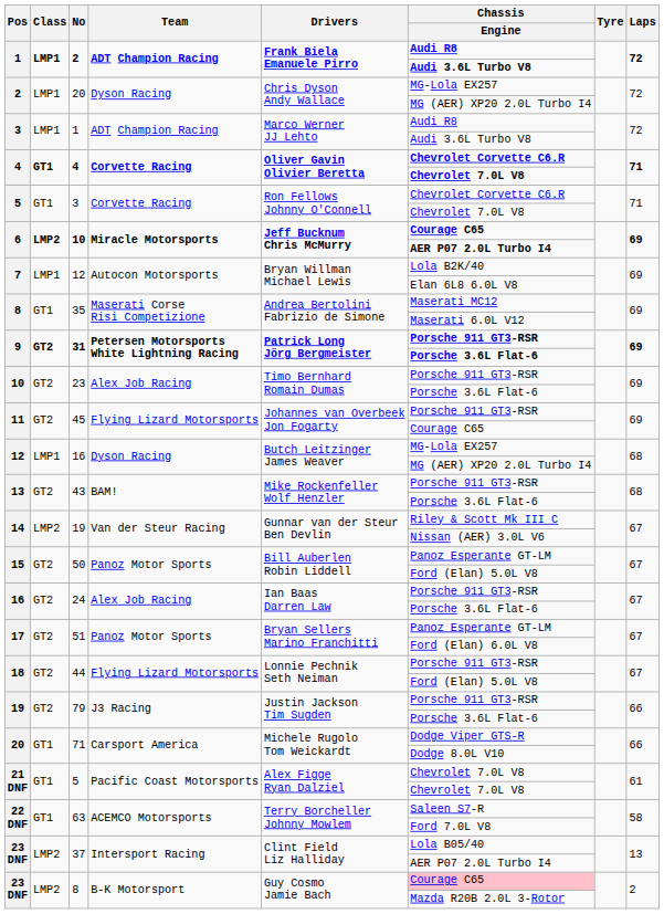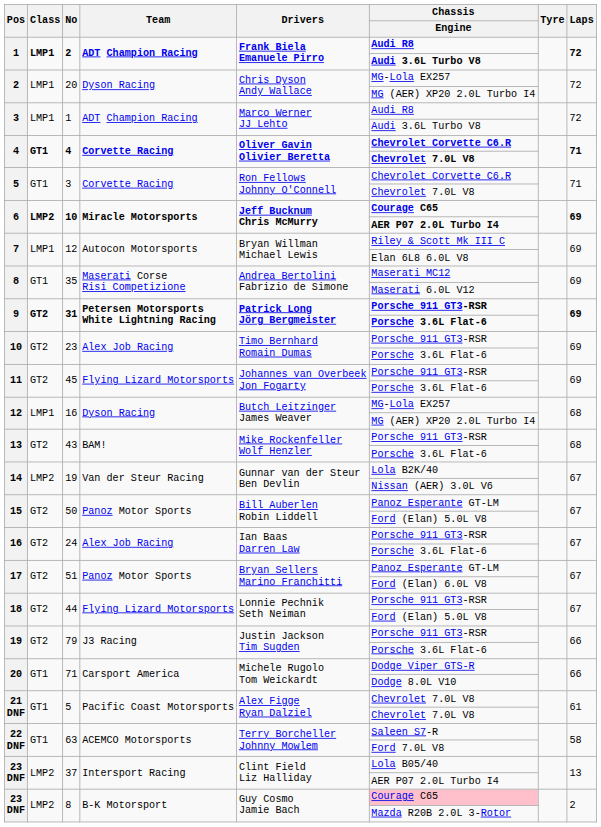 <table class="wikitable" style="font-size: 95%;">
 <tr>
 <th rowspan=2>Pos</th>
 <th rowspan=2>Class</th>
 <th rowspan=2>No</th>
 <th rowspan=2>Team</th>
 <th rowspan=2>Drivers</th>
 <th>Chassis</th>
 <th rowspan=2>Tyre</th>
 <th rowspan=2>Laps</th>
 </tr>
 <tr>
 <th>Engine</th>
 </tr>
 <tr style="font-weight:bold">
 <th rowspan=2>1</th>
 <td rowspan=2>LMP1</td>
 <td rowspan=2>2</td>
 <td rowspan=2> <a href='#'>ADT</a> <a href='#'>Champion Racing</a></td>
 <td rowspan=2> <a href='#'>Frank Biela</a><br> <a href='#'>Emanuele Pirro</a></td>
 <td><a href='#'>Audi R8</a></td>
 <td rowspan=2></td>
 <td rowspan=2>72</td>
 </tr>
 <tr style="font-weight:bold">
 <td><a href='#'>Audi</a> 3.6L Turbo V8</td>
 </tr>
 <tr>
 <th rowspan=2>2</th>
 <td rowspan=2>LMP1</td>
 <td rowspan=2>20</td>
 <td rowspan=2> <a href='#'>Dyson Racing</a></td>
 <td rowspan=2> <a href='#'>Chris Dyson</a><br> <a href='#'>Andy Wallace</a></td>
 <td><a href='#'>MG</a>-<a href='#'>Lola</a> EX257</td>
 <td rowspan=2></td>
 <td rowspan=2>72</td>
 </tr>
 <tr>
 <td><a href='#'>MG</a> (AER) XP20 2.0L Turbo I4</td>
 </tr>
 <tr>
 <th rowspan=2>3</th>
 <td rowspan=2>LMP1</td>
 <td rowspan=2>1</td>
 <td rowspan=2> <a href='#'>ADT</a> <a href='#'>Champion Racing</a></td>
 <td rowspan=2> <a href='#'>Marco Werner</a><br> <a href='#'>JJ Lehto</a></td>
 <td><a href='#'>Audi R8</a></td>
 <td rowspan=2></td>
 <td rowspan=2>72</td>
 </tr>
 <tr>
 <td><a href='#'>Audi</a> 3.6L Turbo V8</td>
 </tr>
 <tr style="font-weight:bold">
 <th rowspan=2>4</th>
 <td rowspan=2>GT1</td>
 <td rowspan=2>4</td>
 <td rowspan=2> <a href='#'>Corvette Racing</a></td>
 <td rowspan=2> <a href='#'>Oliver Gavin</a><br> <a href='#'>Olivier Beretta</a></td>
 <td><a href='#'>Chevrolet Corvette C6.R</a></td>
 <td rowspan=2></td>
 <td rowspan=2>71</td>
 </tr>
 <tr style="font-weight:bold">
 <td><a href='#'>Chevrolet</a> 7.0L V8</td>
 </tr>
 <tr>
 <th rowspan=2>5</th>
 <td rowspan=2>GT1</td>
 <td rowspan=2>3</td>
 <td rowspan=2> <a href='#'>Corvette Racing</a></td>
 <td rowspan=2> <a href='#'>Ron Fellows</a><br> <a href='#'>Johnny O'Connell</a></td>
 <td><a href='#'>Chevrolet Corvette C6.R</a></td>
 <td rowspan=2></td>
 <td rowspan=2>71</td>
 </tr>
 <tr>
 <td><a href='#'>Chevrolet</a> 7.0L V8</td>
 </tr>
 <tr style="font-weight:bold">
 <th rowspan=2>6</th>
 <td rowspan=2>LMP2</td>
 <td rowspan=2>10</td>
 <td rowspan=2> Miracle Motorsports</td>
 <td rowspan=2> <a href='#'>Jeff Bucknum</a><br> Chris McMurry</td>
 <td><a href='#'>Courage</a> C65</td>
 <td rowspan=2></td>
 <td rowspan=2>69</td>
 </tr>
 <tr style="font-weight:bold">
 <td>AER P07 2.0L Turbo I4</td>
 </tr>
 <tr>
 <th rowspan=2>7</th>
 <td rowspan=2>LMP1</td>
 <td rowspan=2>12</td>
 <td rowspan=2> Autocon Motorsports</td>
 <td rowspan=2> Bryan Willman<br> Michael Lewis</td>
-<td><a href='#'>Lola</a> B2K/40</td>
+<td><a href='#'>Riley & Scott Mk III C</a></td>
 <td rowspan=2></td>
 <td rowspan=2>69</td>
 </tr>
 <tr>
 <td>Elan 6L8 6.0L V8</td>
 </tr>
 <tr>
 <th rowspan=2>8</th>
 <td rowspan=2>GT1</td>
 <td rowspan=2>35</td>
 <td rowspan=2> <a href='#'>Maserati</a> Corse<br> <a href='#'>Risi Competizione</a></td>
 <td rowspan=2> <a href='#'>Andrea Bertolini</a><br> Fabrizio de Simone</td>
 <td><a href='#'>Maserati MC12</a></td>
 <td rowspan=2></td>
 <td rowspan=2>69</td>
 </tr>
 <tr>
 <td><a href='#'>Maserati</a> 6.0L V12</td>
 </tr>
 <tr style="font-weight:bold">
 <th rowspan=2>9</th>
 <td rowspan=2>GT2</td>
 <td rowspan=2>31</td>
 <td rowspan=2> Petersen Motorsports<br> White Lightning Racing</td>
 <td rowspan=2> <a href='#'>Patrick Long</a><br> <a href='#'>Jörg Bergmeister</a></td>
 <td><a href='#'>Porsche 911 GT3</a>-RSR</td>
 <td rowspan=2></td>
 <td rowspan=2>69</td>
 </tr>
 <tr style="font-weight:bold">
 <td><a href='#'>Porsche</a> 3.6L Flat-6</td>
 </tr>
 <tr>
 <th rowspan=2>10</th>
 <td rowspan=2>GT2</td>
 <td rowspan=2>23</td>
 <td rowspan=2> <a href='#'>Alex Job Racing</a></td>
 <td rowspan=2> <a href='#'>Timo Bernhard</a><br> <a href='#'>Romain Dumas</a></td>
 <td><a href='#'>Porsche 911 GT3</a>-RSR</td>
 <td rowspan=2></td>
 <td rowspan=2>69</td>
 </tr>
 <tr>
 <td><a href='#'>Porsche</a> 3.6L Flat-6</td>
 </tr>
 <tr>
 <th rowspan=2>11</th>
 <td rowspan=2>GT2</td>
 <td rowspan=2>45</td>
 <td rowspan=2> <a href='#'>Flying Lizard Motorsports</a></td>
 <td rowspan=2> <a href='#'>Johannes van Overbeek</a><br> <a href='#'>Jon Fogarty</a></td>
 <td><a href='#'>Porsche 911 GT3</a>-RSR</td>
 <td rowspan=2></td>
 <td rowspan=2>69</td>
 </tr>
 <tr>
-<td><a href='#'>Courage</a> C65</td>
+<td><a href='#'>Porsche</a> 3.6L Flat-6</td>
 </tr>
 <tr>
 <th rowspan=2>12</th>
 <td rowspan=2>LMP1</td>
 <td rowspan=2>16</td>
 <td rowspan=2> <a href='#'>Dyson Racing</a></td>
 <td rowspan=2> <a href='#'>Butch Leitzinger</a><br> James Weaver</td>
 <td><a href='#'>MG</a>-<a href='#'>Lola</a> EX257</td>
 <td rowspan=2></td>
 <td rowspan=2>68</td>
 </tr>
 <tr>
 <td><a href='#'>MG</a> (AER) XP20 2.0L Turbo I4</td>
 </tr>
 <tr>
 <th rowspan=2>13</th>
 <td rowspan=2>GT2</td>
 <td rowspan=2>43</td>
 <td rowspan=2> BAM!</td>
 <td rowspan=2> <a href='#'>Mike Rockenfeller</a><br> <a href='#'>Wolf Henzler</a></td>
 <td><a href='#'>Porsche 911 GT3</a>-RSR</td>
 <td rowspan=2></td>
 <td rowspan=2>68</td>
 </tr>
 <tr>
 <td><a href='#'>Porsche</a> 3.6L Flat-6</td>
 </tr>
 <tr>
 <th rowspan=2>14</th>
 <td rowspan=2>LMP2</td>
 <td rowspan=2>19</td>
 <td rowspan=2> Van der Steur Racing</td>
 <td rowspan=2> Gunnar van der Steur<br> Ben Devlin</td>
-<td><a href='#'>Riley & Scott Mk III C</a></td>
+<td><a href='#'>Lola</a> B2K/40</td>
 <td rowspan=2></td>
 <td rowspan=2>67</td>
 </tr>
 <tr>
 <td><a href='#'>Nissan</a> (AER) 3.0L V6</td>
 </tr>
 <tr>
 <th rowspan=2>15</th>
 <td rowspan=2>GT2</td>
 <td rowspan=2>50</td>
 <td rowspan=2> <a href='#'>Panoz</a> Motor Sports</td>
 <td rowspan=2> <a href='#'>Bill Auberlen</a><br> Robin Liddell</td>
 <td><a href='#'>Panoz Esperante</a> GT-LM</td>
 <td rowspan=2></td>
 <td rowspan=2>67</td>
 </tr>
 <tr>
 <td><a href='#'>Ford</a> (Elan) 5.0L V8</td>
 </tr>
 <tr>
 <th rowspan=2>16</th>
 <td rowspan=2>GT2</td>
 <td rowspan=2>24</td>
 <td rowspan=2> <a href='#'>Alex Job Racing</a></td>
 <td rowspan=2> Ian Baas<br> <a href='#'>Darren Law</a></td>
 <td><a href='#'>Porsche 911 GT3</a>-RSR</td>
 <td rowspan=2></td>
 <td rowspan=2>67</td>
 </tr>
 <tr>
 <td><a href='#'>Porsche</a> 3.6L Flat-6</td>
 </tr>
 <tr>
 <th rowspan=2>17</th>
 <td rowspan=2>GT2</td>
 <td rowspan=2>51</td>
 <td rowspan=2> <a href='#'>Panoz</a> Motor Sports</td>
 <td rowspan=2> <a href='#'>Bryan Sellers</a><br> <a href='#'>Marino Franchitti</a></td>
 <td><a href='#'>Panoz Esperante</a> GT-LM</td>
 <td rowspan=2></td>
 <td rowspan=2>67</td>
 </tr>
 <tr>
 <td><a href='#'>Ford</a> (Elan) 6.0L V8</td>
 </tr>
 <tr>
 <th rowspan=2>18</th>
 <td rowspan=2>GT2</td>
 <td rowspan=2>44</td>
 <td rowspan=2> <a href='#'>Flying Lizard Motorsports</a></td>
 <td rowspan=2> Lonnie Pechnik<br> Seth Neiman</td>
 <td><a href='#'>Porsche 911 GT3</a>-RSR</td>
 <td rowspan=2></td>
 <td rowspan=2>67</td>
 </tr>
 <tr>
 <td><a href='#'>Ford</a> (Elan) 5.0L V8</td>
 </tr>
 <tr>
 <th rowspan=2>19</th>
 <td rowspan=2>GT2</td>
 <td rowspan=2>79</td>
 <td rowspan=2> J3 Racing</td>
 <td rowspan=2> Justin Jackson<br> <a href='#'>Tim Sugden</a></td>
 <td><a href='#'>Porsche 911 GT3</a>-RSR</td>
 <td rowspan=2></td>
 <td rowspan=2>66</td>
 </tr>
 <tr>
 <td><a href='#'>Porsche</a> 3.6L Flat-6</td>
 </tr>
 <tr>
 <th rowspan=2>20</th>
 <td rowspan=2>GT1</td>
 <td rowspan=2>71</td>
 <td rowspan=2> Carsport America</td>
 <td rowspan=2> Michele Rugolo<br> Tom Weickardt</td>
 <td><a href='#'>Dodge Viper GTS-R</a></td>
 <td rowspan=2></td>
 <td rowspan=2>66</td>
 </tr>
 <tr>
 <td><a href='#'>Dodge</a> 8.0L V10</td>
 </tr>
 <tr>
 <th rowspan=2>21<br>DNF</th>
 <td rowspan=2>GT1</td>
 <td rowspan=2>5</td>
 <td rowspan=2> Pacific Coast Motorsports</td>
 <td rowspan=2> <a href='#'>Alex Figge</a><br> <a href='#'>Ryan Dalziel</a></td>
 <td><a href='#'>Chevrolet</a> 7.0L V8</td>
 <td rowspan=2></td>
 <td rowspan=2>61</td>
 </tr>
 <tr>
 <td><a href='#'>Chevrolet</a> 7.0L V8</td>
 </tr>
 <tr>
 <th rowspan=2>22<br>DNF</th>
 <td rowspan=2>GT1</td>
 <td rowspan=2>63</td>
 <td rowspan=2> ACEMCO Motorsports</td>
 <td rowspan=2> <a href='#'>Terry Borcheller</a><br> <a href='#'>Johnny Mowlem</a></td>
 <td><a href='#'>Saleen S7</a>-R</td>
 <td rowspan=2></td>
 <td rowspan=2>58</td>
 </tr>
 <tr>
 <td><a href='#'>Ford</a> 7.0L V8</td>
 </tr>
 <tr>
 <th rowspan=2>23<br>DNF</th>
 <td rowspan=2>LMP2</td>
 <td rowspan=2>37</td>
 <td rowspan=2> Intersport Racing</td>
 <td rowspan=2> Clint Field<br> Liz Halliday</td>
 <td><a href='#'>Lola</a> B05/40</td>
 <td rowspan=2></td>
 <td rowspan=2>13</td>
 </tr>
 <tr>
 <td>AER P07 2.0L Turbo I4</td>
 </tr>
 <tr>
 <th rowspan=2>23<br>DNF</th>
 <td rowspan=2>LMP2</td>
 <td rowspan=2>8</td>
 <td rowspan=2> B-K Motorsport</td>
 <td rowspan=2> Guy Cosmo<br> Jamie Bach</td>
 <td style="background: pink;"><a href='#'>Courage</a> C65</td>
 <td rowspan=2></td>
 <td rowspan=2>2</td>
 </tr>
 <tr>
 <td><a href='#'>Mazda</a> R20B 2.0L 3-<a href='#'>Rotor</a></td>
 </tr>
 </table>
